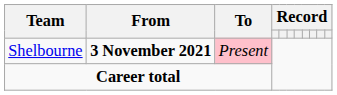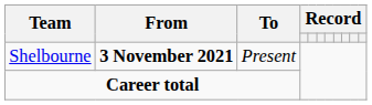 <table class="wikitable" style="text-align:center">
 <tr>
 <th rowspan="2">Team</th>
 <th rowspan="2">From</th>
 <th rowspan="2">To</th>
 <th colspan="8">Record</th>
 </tr>
 <tr>
 <th></th>
 <th></th>
 <th></th>
 <th></th>
 <th></th>
 <th></th>
 <th></th>
 <th></th>
 </tr>
 <tr>
 <td align="left"><a href='#'>Shelbourne</a></td>
 <td align="left"><strong>3 November 2021</strong></td>
-<td align="left" style="background: pink;"><em>Present</em><br></td>
+<td align="left"><em>Present</em><br></td>
 </tr>
 <tr>
 <td colspan=3><strong>Career total</strong><br></td>
 </tr>
 </table>
